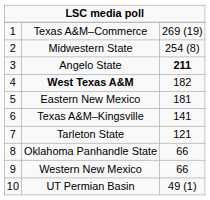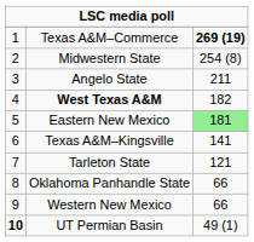 <table class="wikitable" style="display: inline-table;">
 <tr>
 <td align="center" Colspan="3"><strong>LSC media poll</strong></td>
 </tr>
 <tr align="center">
 </tr>
 <tr align="center">
 <td>1</td>
 <td>Texas A&M–Commerce</td>
-<td>269 (19)</td>
+<td><strong>269 (19)</strong></td>
 </tr>
 <tr align="center">
 <td>2</td>
 <td>Midwestern State</td>
 <td>254 (8)</td>
 </tr>
 <tr align="center">
 <td>3</td>
 <td>Angelo State</td>
-<td><strong>211</strong></td>
+<td>211</td>
 </tr>
 <tr align="center">
 <td>4</td>
 <td><strong>West Texas A&M</strong></td>
 <td>182</td>
 </tr>
 <tr align="center">
 <td>5</td>
 <td>Eastern New Mexico</td>
-<td>181</td>
+<td style="background: lightgreen;">181</td>
 </tr>
 <tr align="center">
 <td>6</td>
 <td>Texas A&M–Kingsville</td>
 <td>141</td>
 </tr>
 <tr align="center">
 <td>7</td>
 <td>Tarleton State</td>
 <td>121</td>
 </tr>
 <tr align="center">
 <td>8</td>
 <td>Oklahoma Panhandle State</td>
 <td>66</td>
 </tr>
 <tr align="center">
 <td>9</td>
 <td>Western New Mexico</td>
 <td>66</td>
 </tr>
 <tr align="center">
-<td>10</td>
+<td><strong>10</strong></td>
 <td>UT Permian Basin</td>
 <td>49 (1)</td>
 </tr>
 </table>
